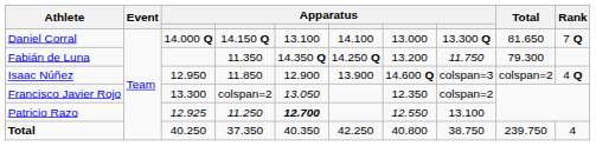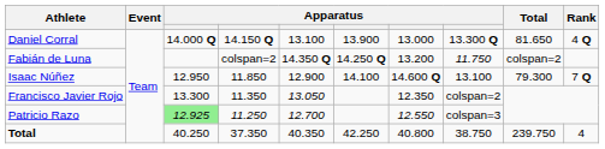 <table class="wikitable" style="font-size:90%">
 <tr>
 <th rowspan=2>Athlete</th>
 <th rowspan=2>Event</th>
 <th colspan=6>Apparatus</th>
 <th rowspan=2>Total</th>
 <th rowspan=2>Rank</th>
 </tr>
 <tr style="font-size:95%">
 <th></th>
 <th></th>
 <th></th>
 <th></th>
 <th></th>
 <th></th>
 </tr>
 <tr align=center>
 <td align=left><a href='#'>Daniel Corral</a></td>
 <td align=left rowspan=6><a href='#'>Team</a></td>
 <td>14.000 <strong>Q</strong></td>
 <td>14.150 <strong>Q</strong></td>
 <td>13.100</td>
-<td>14.100</td>
+<td>13.900</td>
 <td>13.000</td>
 <td>13.300 <strong>Q</strong></td>
 <td>81.650</td>
-<td>7 <strong>Q</strong></td>
+<td>4 <strong>Q</strong></td>
 </tr>
 <tr align=center>
 <td align=left><a href='#'>Fabián de Luna</a></td>
 <td></td>
-<td>11.350</td>
+<td>colspan=2 </td>
 <td>14.350 <strong>Q</strong></td>
 <td>14.250 <strong>Q</strong></td>
 <td>13.200</td>
 <td><em>11.750</em></td>
-<td>79.300</td>
+<td>colspan=2 </td>
 </tr>
 <tr align=center>
 <td align=left><a href='#'>Isaac Núñez</a></td>
 <td>12.950</td>
 <td>11.850</td>
 <td>12.900</td>
-<td>13.900</td>
+<td>14.100</td>
 <td>14.600 <strong>Q</strong></td>
-<td>colspan=3 </td>
-<td>colspan=2 </td>
-<td>4 <strong>Q</strong></td>
+<td>13.100</td>
+<td>79.300</td>
+<td>7 <strong>Q</strong></td>
 </tr>
 <tr align=center>
 <td align=left><a href='#'>Francisco Javier Rojo</a></td>
 <td>13.300</td>
-<td>colspan=2 </td>
+<td>11.350</td>
 <td><em>13.050</em></td>
 <td></td>
 <td>12.350</td>
 <td>colspan=2 </td>
 </tr>
 <tr align=center>
 <td align=left><a href='#'>Patricio Razo</a></td>
-<td><em>12.925</em></td>
+<td style="background: lightgreen;"><em>12.925</em></td>
 <td><em>11.250</em></td>
-<td><strong><em>12.700</em></strong></td>
+<td><em>12.700</em></td>
 <td></td>
 <td><em>12.550</em></td>
-<td>13.100</td>
+<td>colspan=3 </td>
 </tr>
 <tr align=center>
 <td align=left><strong>Total</strong></td>
 <td>40.250</td>
 <td>37.350</td>
 <td>40.350</td>
 <td>42.250</td>
 <td>40.800</td>
 <td>38.750</td>
 <td>239.750</td>
 <td>4</td>
 </tr>
 </table>
